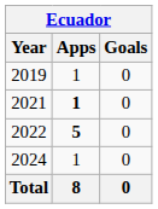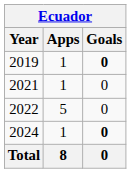 <table class="wikitable" style="text-align:center">
 <tr>
 <th colspan=4><a href='#'>Ecuador</a></th>
 </tr>
 <tr>
 <th>Year</th>
 <th>Apps</th>
 <th>Goals</th>
 </tr>
 <tr>
 <td>2019</td>
 <td>1</td>
-<td>0</td>
+<td><strong>0</strong></td>
 </tr>
 <tr>
 <td>2021</td>
-<td><strong>1</strong></td>
+<td>1</td>
 <td>0</td>
 </tr>
 <tr>
 <td>2022</td>
-<td><strong>5</strong></td>
+<td>5</td>
 <td>0</td>
 </tr>
 <tr>
 <td>2024</td>
 <td>1</td>
-<td>0</td>
+<td><strong>0</strong></td>
 </tr>
 <tr>
 <th>Total</th>
 <th>8</th>
 <th>0</th>
 </tr>
 </table>
